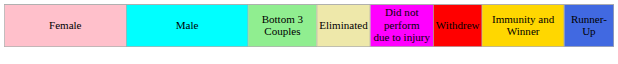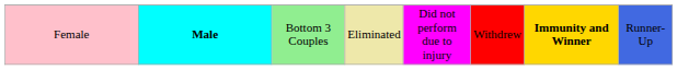 <table class="wikitable" style="margin:1em auto; text-align:center;">
 <tr>
 </tr>
 <tr>
 <td style="background:pink;" width="20%">Female</td>
-<td style="background:cyan;" width="20%">Male</td>
+<td style="background:cyan;" width="20%"><strong>Male</strong></td>
 <td style="background:lightgreen;">Bottom 3 Couples</td>
 <td style="background:palegoldenrod;">Eliminated</td>
 <td style="background:fuchsia;" align="center">Did not perform<br>due to injury</td>
 <td style="background:red;">Withdrew</td>
-<td style="background:gold;">Immunity and Winner</td>
+<td style="background:gold;"><strong>Immunity and Winner</strong></td>
 <td style="background:royalblue;">Runner-Up</td>
 </tr>
 </table>
